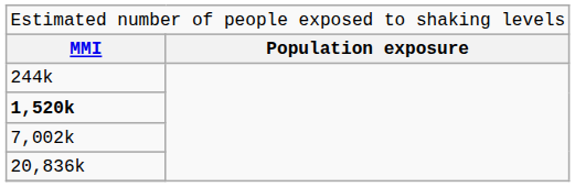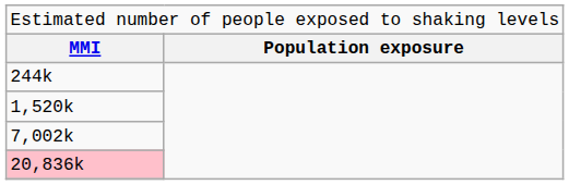 <table class="wikitable sortable plainrowheaders floatright" style="clear:right; margin-left:7px; margin-top:0; margin-right:0; margin-bottom:3px; font-size:80%;">
 <tr>
 <td colspan="2" style="text-align: center;">Estimated number of people exposed to shaking levels</td>
 </tr>
 <tr>
 <th><a href='#'>MMI</a></th>
 <th>Population exposure</th>
 </tr>
 <tr>
 <td>244k</td>
 </tr>
 <tr>
-<td><strong>1,520k</strong></td>
+<td>1,520k</td>
 </tr>
 <tr>
 <td>7,002k</td>
 </tr>
 <tr>
-<td>20,836k</td>
+<td style="background: pink;">20,836k</td>
 </tr>
 <tr>
 </tr>
 </table>
